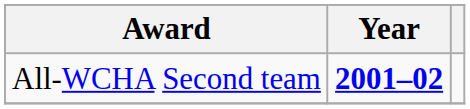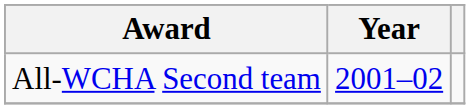 <table class="wikitable">
 <tr>
 <th>Award</th>
 <th>Year</th>
 <th></th>
 </tr>
 <tr>
 <td>All-<a href='#'>WCHA</a> <a href='#'>Second team</a></td>
-<td><strong><a href='#'>2001–02</a></strong></td>
+<td><a href='#'>2001–02</a></td>
 <td></td>
 </tr>
 <tr>
 </tr>
 </table>
